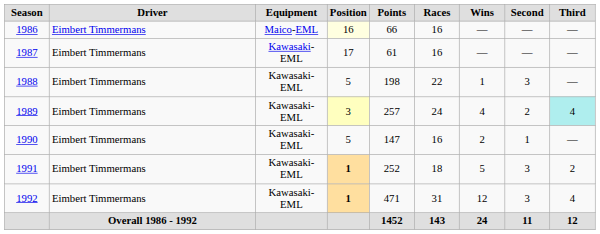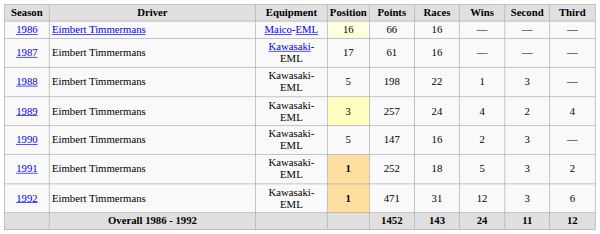 <table class="wikitable">
 <tr align="center" style="background:#dfdfdf;">
 <td width="60"><strong>Season</strong></td>
 <td width="300"><strong>Driver</strong></td>
 <td width="100"><strong>Equipment</strong></td>
 <td width="30"><strong>Position</strong></td>
 <td width="60"><strong>Points</strong></td>
 <td width="60"><strong>Races</strong></td>
 <td width="60"><strong>Wins</strong></td>
 <td width="60"><strong>Second</strong></td>
 <td width="60"><strong>Third</strong></td>
 </tr>
 <tr align="center">
 <td><a href='#'>1986</a></td>
 <td align="left"> <a href='#'>Eimbert Timmermans</a></td>
 <td><a href='#'>Maico</a>-<a href='#'>EML</a></td>
 <td style="background: lightyellow;">16</td>
 <td>66</td>
 <td>16</td>
 <td>—</td>
 <td>—</td>
 <td>—</td>
 </tr>
 <tr align="center">
 <td><a href='#'>1987</a></td>
 <td align="left"> Eimbert Timmermans</td>
 <td><a href='#'> Kawasaki</a>-EML</td>
 <td>17</td>
 <td>61</td>
 <td>16</td>
 <td>—</td>
 <td>—</td>
 <td>—</td>
 </tr>
 <tr align="center">
 <td><a href='#'>1988</a></td>
 <td align="left"> Eimbert Timmermans</td>
 <td>Kawasaki-EML</td>
 <td>5</td>
 <td>198</td>
 <td>22</td>
 <td>1</td>
 <td>3</td>
 <td>—</td>
 </tr>
 <tr align="center">
 <td><a href='#'>1989</a></td>
 <td align="left"> Eimbert Timmermans</td>
 <td>Kawasaki-EML</td>
 <td style="background:#ffffbf;">3</td>
 <td>257</td>
 <td>24</td>
 <td>4</td>
 <td>2</td>
-<td style="background: paleturquoise;">4</td>
+<td>4</td>
 </tr>
 <tr align="center">
 <td><a href='#'>1990</a></td>
 <td align="left"> Eimbert Timmermans</td>
 <td>Kawasaki-EML</td>
 <td>5</td>
 <td>147</td>
 <td>16</td>
 <td>2</td>
-<td>1</td>
+<td>3</td>
 <td>—</td>
 </tr>
 <tr align="center">
 <td><a href='#'>1991</a></td>
 <td align="left"> Eimbert Timmermans</td>
 <td>Kawasaki-EML</td>
 <td style="background:#ffdf9f;"><strong>1</strong></td>
 <td>252</td>
 <td>18</td>
 <td>5</td>
 <td>3</td>
 <td>2</td>
 </tr>
 <tr align="center">
 <td><a href='#'>1992</a></td>
 <td align="left"> Eimbert Timmermans</td>
 <td>Kawasaki-EML</td>
 <td style="background:#ffdf9f;"><strong>1</strong></td>
 <td>471</td>
 <td>31</td>
 <td>12</td>
 <td>3</td>
-<td>4</td>
+<td>6</td>
 </tr>
 <tr align="center" style="background:#dfdfdf;">
 <td></td>
 <td align="center"><strong>Overall 1986 - 1992</strong></td>
 <td></td>
 <td></td>
 <td><strong>1452</strong></td>
 <td><strong>143</strong></td>
 <td><strong>24</strong></td>
 <td><strong>11</strong></td>
 <td><strong>12</strong></td>
 </tr>
 </table>
